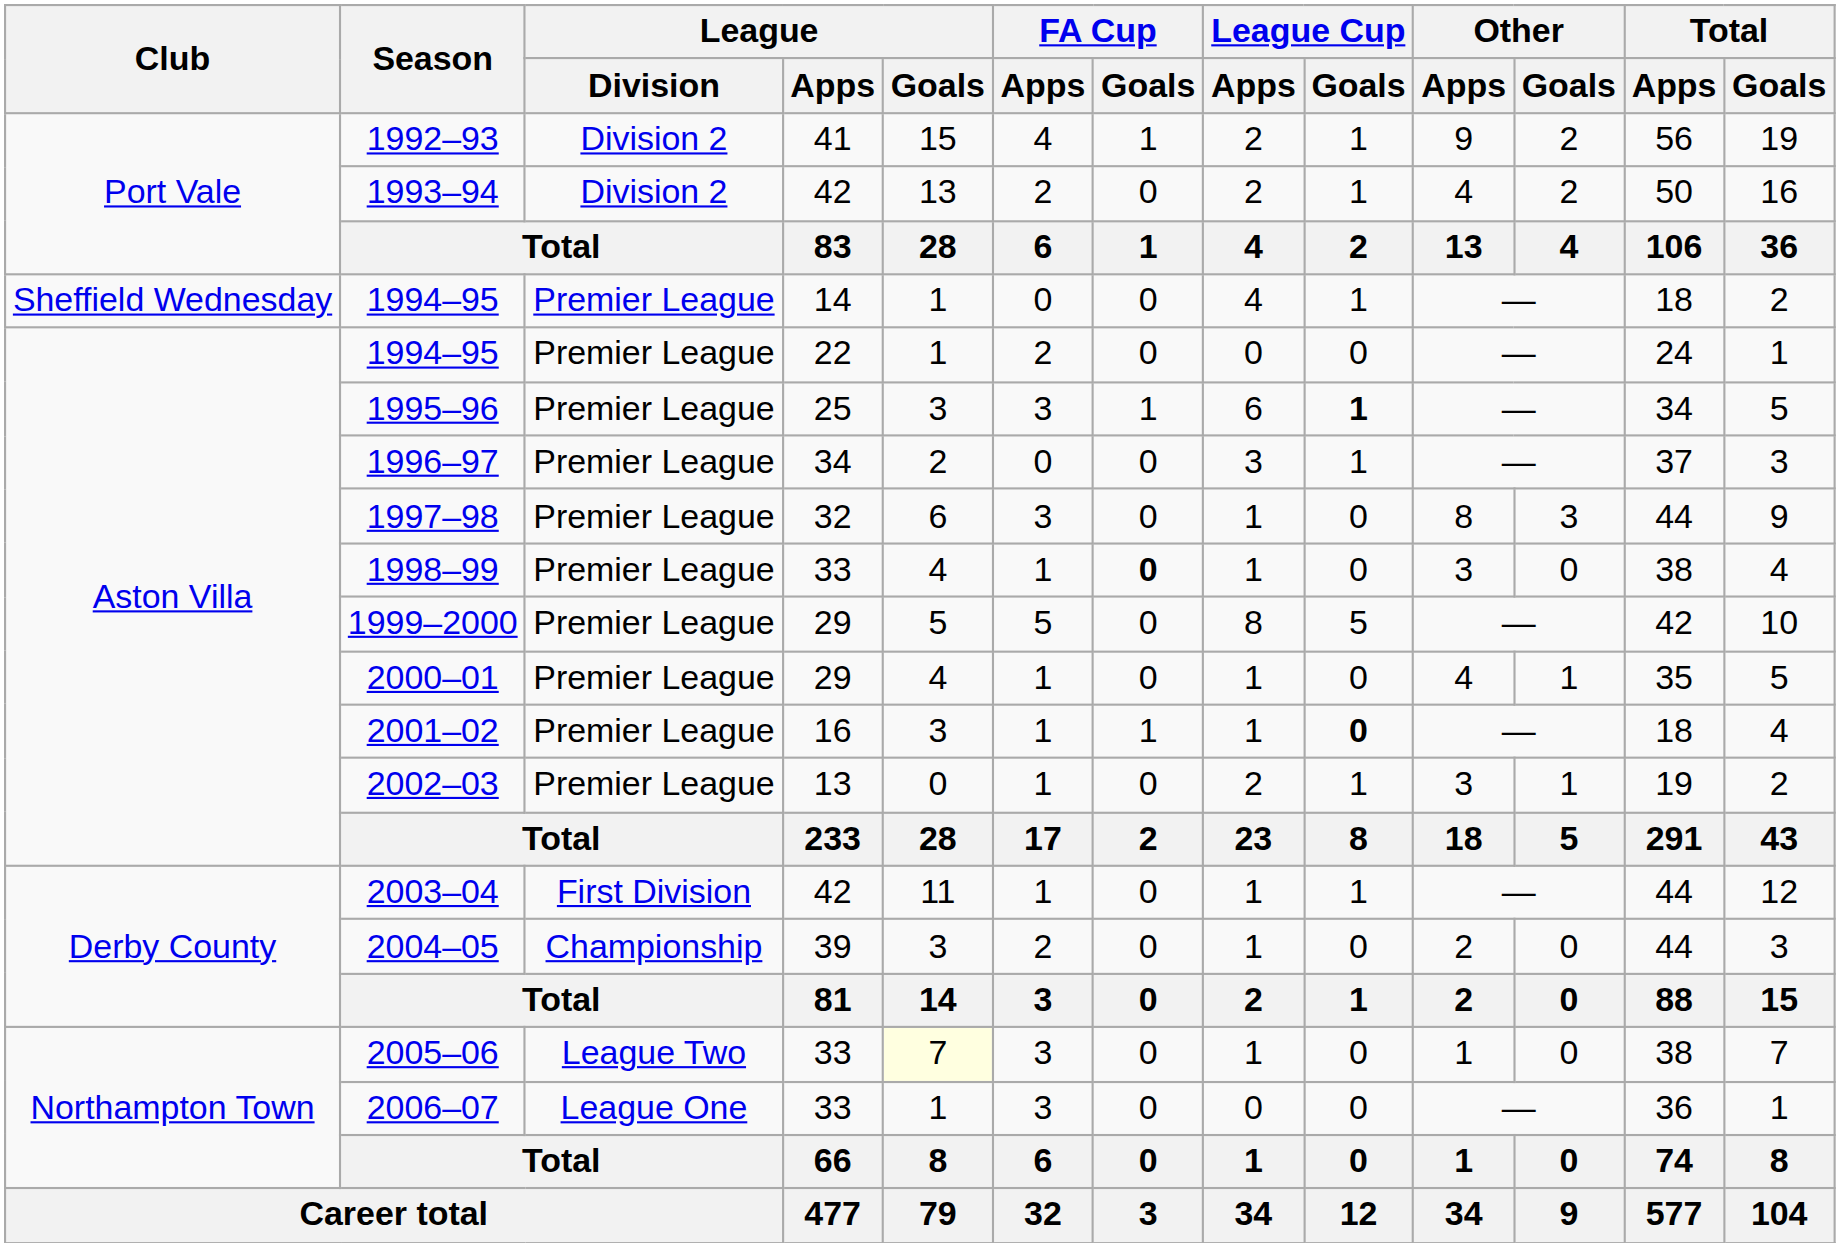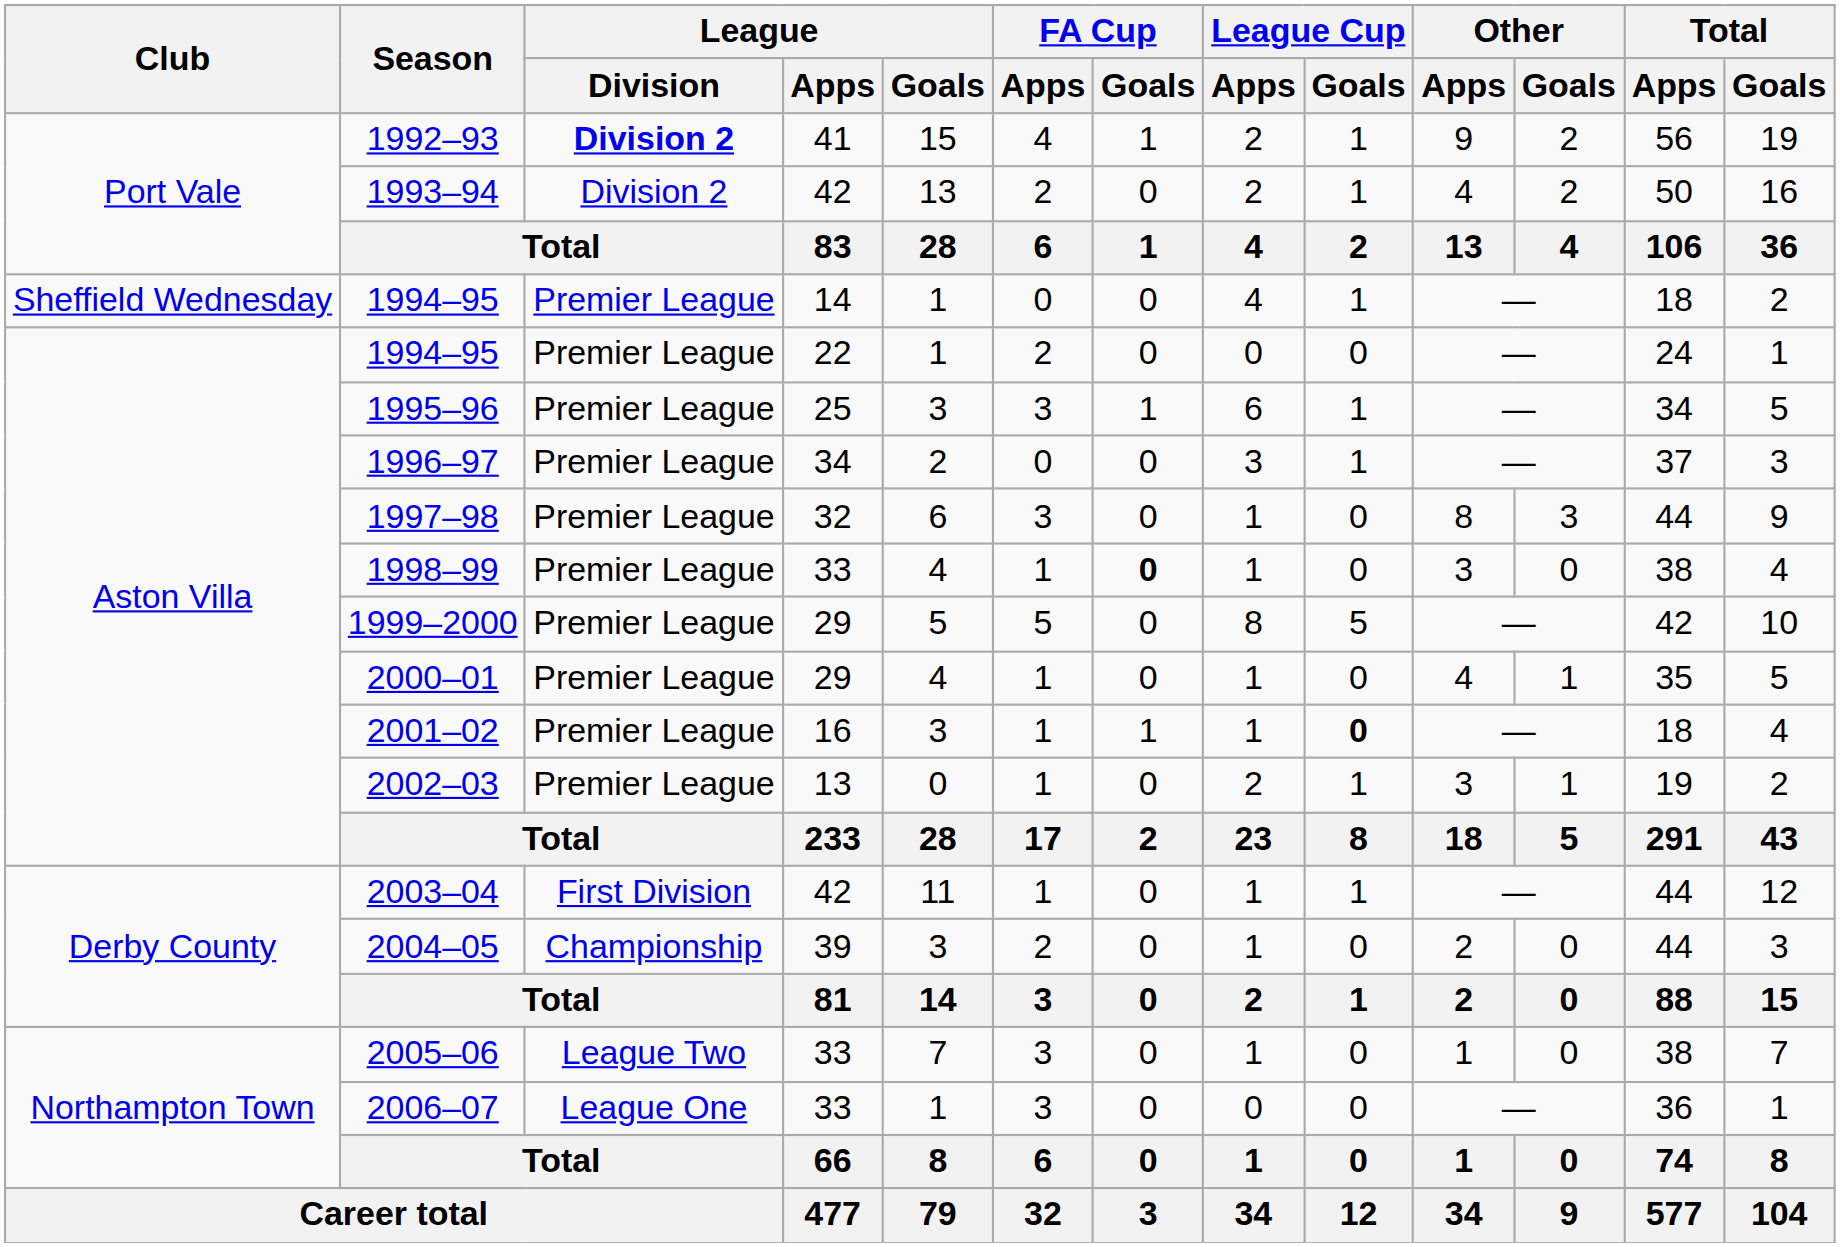 <table class="wikitable" style="text-align:center">
 <tr>
 <th rowspan="2">Club</th>
 <th rowspan="2">Season</th>
 <th colspan="3">League</th>
 <th colspan="2"><a href='#'>FA Cup</a></th>
 <th colspan="2"><a href='#'>League Cup</a></th>
 <th colspan="2">Other</th>
 <th colspan="2">Total</th>
 </tr>
 <tr>
 <th>Division</th>
 <th>Apps</th>
 <th>Goals</th>
 <th>Apps</th>
 <th>Goals</th>
 <th>Apps</th>
 <th>Goals</th>
 <th>Apps</th>
 <th>Goals</th>
 <th>Apps</th>
 <th>Goals</th>
 </tr>
 <tr>
 <td rowspan="3"><a href='#'>Port Vale</a></td>
 <td><a href='#'>1992–93</a></td>
-<td><a href='#'>Division 2</a></td>
+<td><strong><a href='#'>Division 2</a></strong></td>
 <td>41</td>
 <td>15</td>
 <td>4</td>
 <td>1</td>
 <td>2</td>
 <td>1</td>
 <td>9</td>
 <td>2</td>
 <td>56</td>
 <td>19</td>
 </tr>
 <tr>
 <td><a href='#'>1993–94</a></td>
 <td><a href='#'>Division 2</a></td>
 <td>42</td>
 <td>13</td>
 <td>2</td>
 <td>0</td>
 <td>2</td>
 <td>1</td>
 <td>4</td>
 <td>2</td>
 <td>50</td>
 <td>16</td>
 </tr>
 <tr>
 <th colspan="2">Total</th>
 <th>83</th>
 <th>28</th>
 <th>6</th>
 <th>1</th>
 <th>4</th>
 <th>2</th>
 <th>13</th>
 <th>4</th>
 <th>106</th>
 <th>36</th>
 </tr>
 <tr>
 <td><a href='#'>Sheffield Wednesday</a></td>
 <td><a href='#'>1994–95</a></td>
 <td><a href='#'>Premier League</a></td>
 <td>14</td>
 <td>1</td>
 <td>0</td>
 <td>0</td>
 <td>4</td>
 <td>1</td>
 <td colspan="2">—</td>
 <td>18</td>
 <td>2</td>
 </tr>
 <tr>
 <td rowspan="10"><a href='#'>Aston Villa</a></td>
 <td><a href='#'>1994–95</a></td>
 <td>Premier League</td>
 <td>22</td>
 <td>1</td>
 <td>2</td>
 <td>0</td>
 <td>0</td>
 <td>0</td>
 <td colspan="2">—</td>
 <td>24</td>
 <td>1</td>
 </tr>
 <tr>
 <td><a href='#'>1995–96</a></td>
 <td>Premier League</td>
 <td>25</td>
 <td>3</td>
 <td>3</td>
 <td>1</td>
 <td>6</td>
-<td><strong>1</strong></td>
+<td>1</td>
 <td colspan="2">—</td>
 <td>34</td>
 <td>5</td>
 </tr>
 <tr>
 <td><a href='#'>1996–97</a></td>
 <td>Premier League</td>
 <td>34</td>
 <td>2</td>
 <td>0</td>
 <td>0</td>
 <td>3</td>
 <td>1</td>
 <td colspan="2">—</td>
 <td>37</td>
 <td>3</td>
 </tr>
 <tr>
 <td><a href='#'>1997–98</a></td>
 <td>Premier League</td>
 <td>32</td>
 <td>6</td>
 <td>3</td>
 <td>0</td>
 <td>1</td>
 <td>0</td>
 <td>8</td>
 <td>3</td>
 <td>44</td>
 <td>9</td>
 </tr>
 <tr>
 <td><a href='#'>1998–99</a></td>
 <td>Premier League</td>
 <td>33</td>
 <td>4</td>
 <td>1</td>
 <td><strong>0</strong></td>
 <td>1</td>
 <td>0</td>
 <td>3</td>
 <td>0</td>
 <td>38</td>
 <td>4</td>
 </tr>
 <tr>
 <td><a href='#'>1999–2000</a></td>
 <td>Premier League</td>
 <td>29</td>
 <td>5</td>
 <td>5</td>
 <td>0</td>
 <td>8</td>
 <td>5</td>
 <td colspan="2">—</td>
 <td>42</td>
 <td>10</td>
 </tr>
 <tr>
 <td><a href='#'>2000–01</a></td>
 <td>Premier League</td>
 <td>29</td>
 <td>4</td>
 <td>1</td>
 <td>0</td>
 <td>1</td>
 <td>0</td>
 <td>4</td>
 <td>1</td>
 <td>35</td>
 <td>5</td>
 </tr>
 <tr>
 <td><a href='#'>2001–02</a></td>
 <td>Premier League</td>
 <td>16</td>
 <td>3</td>
 <td>1</td>
 <td>1</td>
 <td>1</td>
 <td><strong>0</strong></td>
 <td colspan="2">—</td>
 <td>18</td>
 <td>4</td>
 </tr>
 <tr>
 <td><a href='#'>2002–03</a></td>
 <td>Premier League</td>
 <td>13</td>
 <td>0</td>
 <td>1</td>
 <td>0</td>
 <td>2</td>
 <td>1</td>
 <td>3</td>
 <td>1</td>
 <td>19</td>
 <td>2</td>
 </tr>
 <tr>
 <th colspan="2">Total</th>
 <th>233</th>
 <th>28</th>
 <th>17</th>
 <th>2</th>
 <th>23</th>
 <th>8</th>
 <th>18</th>
 <th>5</th>
 <th>291</th>
 <th>43</th>
 </tr>
 <tr>
 <td rowspan="3"><a href='#'>Derby County</a></td>
 <td><a href='#'>2003–04</a></td>
 <td><a href='#'>First Division</a></td>
 <td>42</td>
 <td>11</td>
 <td>1</td>
 <td>0</td>
 <td>1</td>
 <td>1</td>
 <td colspan="2">—</td>
 <td>44</td>
 <td>12</td>
 </tr>
 <tr>
 <td><a href='#'>2004–05</a></td>
 <td><a href='#'>Championship</a></td>
 <td>39</td>
 <td>3</td>
 <td>2</td>
 <td>0</td>
 <td>1</td>
 <td>0</td>
 <td>2</td>
 <td>0</td>
 <td>44</td>
 <td>3</td>
 </tr>
 <tr>
 <th colspan="2">Total</th>
 <th>81</th>
 <th>14</th>
 <th>3</th>
 <th>0</th>
 <th>2</th>
 <th>1</th>
 <th>2</th>
 <th>0</th>
 <th>88</th>
 <th>15</th>
 </tr>
 <tr>
 <td rowspan="3"><a href='#'>Northampton Town</a></td>
 <td><a href='#'>2005–06</a></td>
 <td><a href='#'>League Two</a></td>
 <td>33</td>
-<td style="background: lightyellow;">7</td>
+<td>7</td>
 <td>3</td>
 <td>0</td>
 <td>1</td>
 <td>0</td>
 <td>1</td>
 <td>0</td>
 <td>38</td>
 <td>7</td>
 </tr>
 <tr>
 <td><a href='#'>2006–07</a></td>
 <td><a href='#'>League One</a></td>
 <td>33</td>
 <td>1</td>
 <td>3</td>
 <td>0</td>
 <td>0</td>
 <td>0</td>
 <td colspan="2">—</td>
 <td>36</td>
 <td>1</td>
 </tr>
 <tr>
 <th colspan="2">Total</th>
 <th>66</th>
 <th>8</th>
 <th>6</th>
 <th>0</th>
 <th>1</th>
 <th>0</th>
 <th>1</th>
 <th>0</th>
 <th>74</th>
 <th>8</th>
 </tr>
 <tr>
 <th colspan=3>Career total</th>
 <th>477</th>
 <th>79</th>
 <th>32</th>
 <th>3</th>
 <th>34</th>
 <th>12</th>
 <th>34</th>
 <th>9</th>
 <th>577</th>
 <th>104</th>
 </tr>
 </table>
